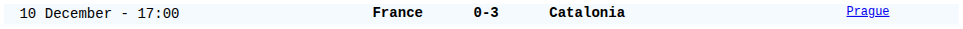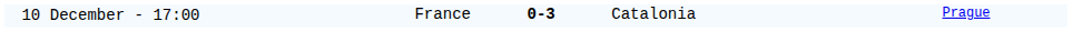 <table style="width: 100%; background:#F5FAFF;" cellspacing="0">
 <tr>
 <td align=center rowspan=3 width=20%>10 December - 17:00</td>
 </tr>
 <tr>
-<td width=24% align=right><strong>France </strong></td>
+<td width=24% align=right>France </td>
 <td align=center width=13%><strong>0-3</strong></td>
-<td width=24%><strong> Catalonia</strong></td>
+<td width=24%> Catalonia</td>
 <td style=font-size:85% rowspan=3 valign=top align=center><a href='#'>Prague</a></td>
 </tr>
 <tr style=font-size:85%>
 <td align=right valign=top></td>
 <td></td>
 <td></td>
 </tr>
 </table>
